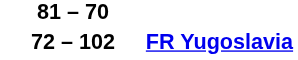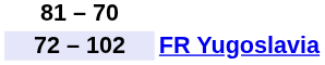 <table style="text-align:center">
 <tr>
 <th width=200></th>
 <th width=100></th>
 <th width=200></th>
 </tr>
 <tr>
 <td align=right><strong></strong></td>
 <td><strong>81 – 70</strong></td>
 <td align=left></td>
 </tr>
 <tr>
 <td align=right></td>
-<td><strong>72 – 102</strong></td>
+<td style="background: lavender;"><strong>72 – 102</strong></td>
 <td align=left><strong> <a href='#'>FR Yugoslavia</a></strong></td>
 </tr>
 </table>
